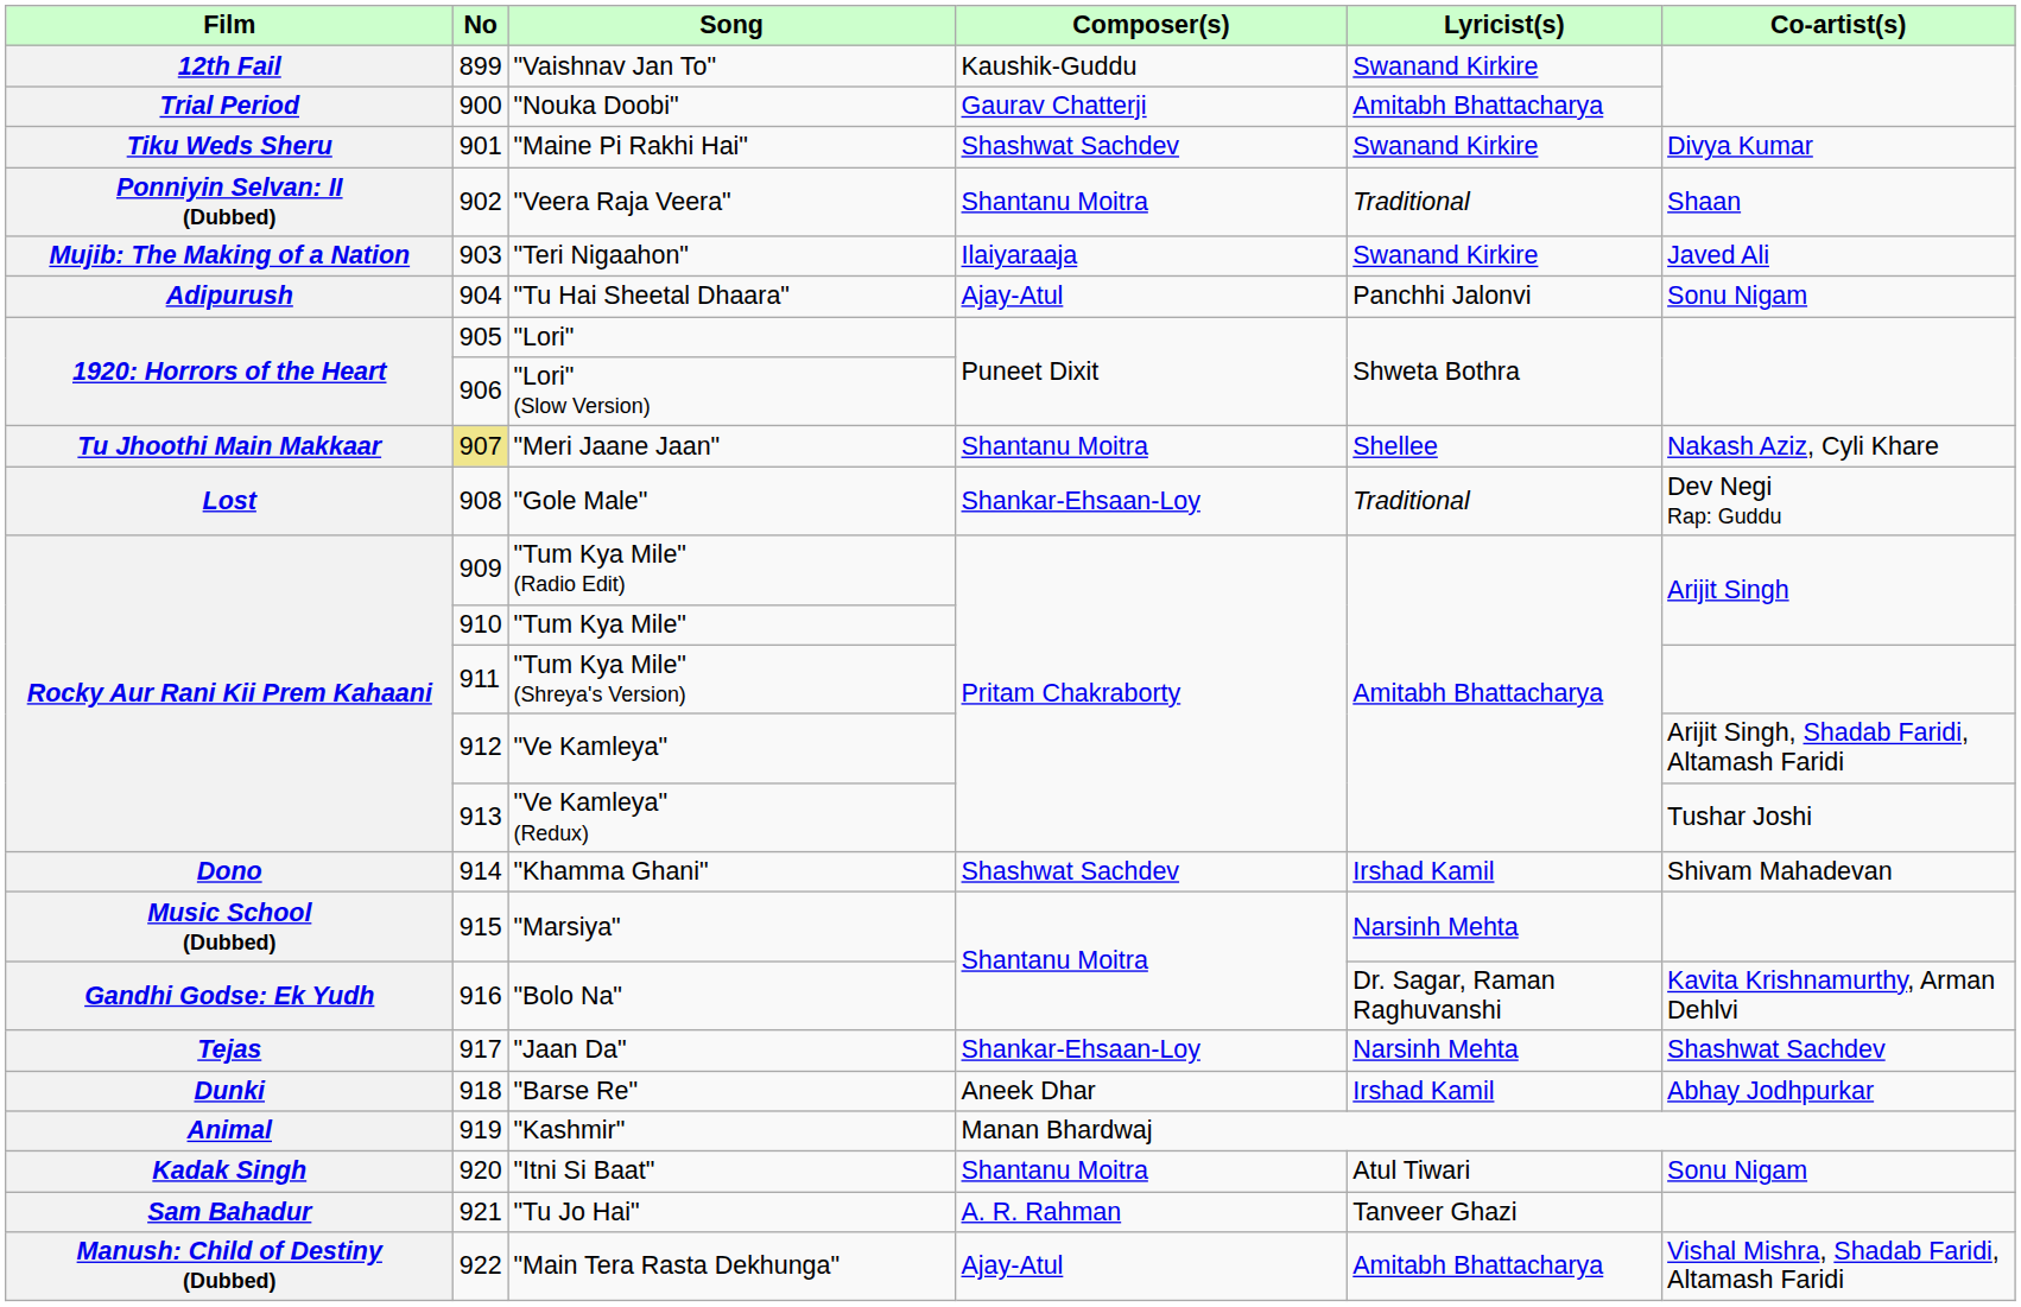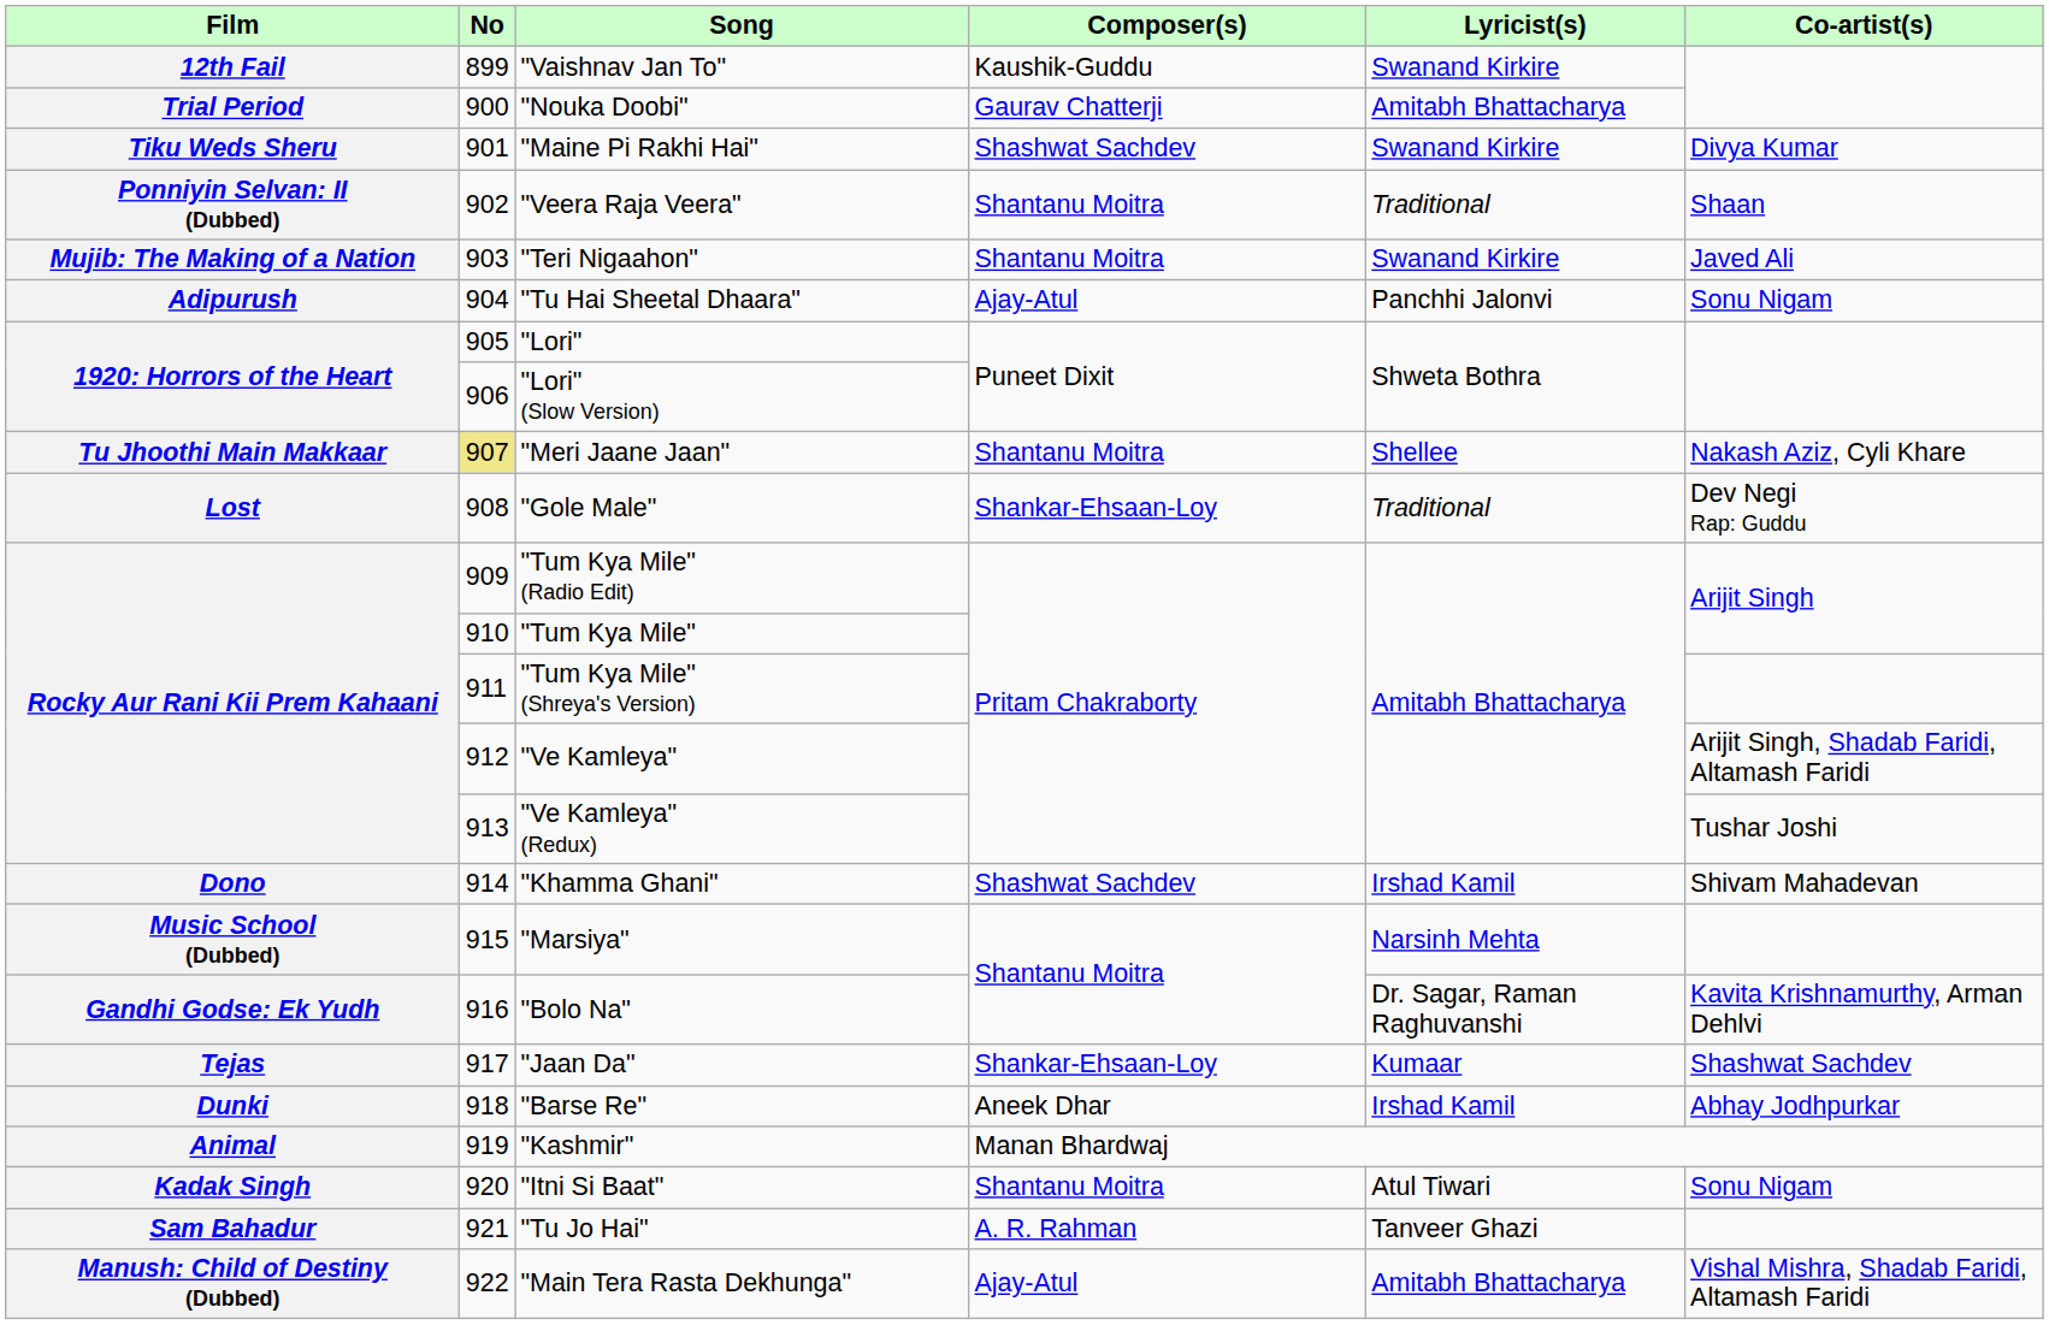 <table class="wikitable plainrowheaders" style="width:100%; textcolor:#000">
 <tr style="background:#cfc; text-align:center;">
 <td scope="col" style="width:23%;"><strong>Film</strong></td>
 <td><strong>No</strong></td>
 <td scope="col" style="width:23%;"><strong>Song</strong></td>
 <td scope="col" style="width:20%;"><strong>Composer(s)</strong></td>
 <td scope="col" style="width:16%;"><strong>Lyricist(s)</strong></td>
 <td scope="col" style="width:18%;"><strong>Co-artist(s)</strong></td>
 </tr>
 <tr>
 <th scope="row"><a href='#'><em>12th Fail</em></a></th>
 <td>899</td>
 <td>"Vaishnav Jan To"</td>
 <td>Kaushik-Guddu</td>
 <td><a href='#'>Swanand Kirkire</a></td>
 <td rowspan=2></td>
 </tr>
 <tr>
 <th scope="row"><em><a href='#'>Trial Period</a></em></th>
 <td>900</td>
 <td>"Nouka Doobi"</td>
 <td><a href='#'>Gaurav Chatterji</a></td>
 <td><a href='#'>Amitabh Bhattacharya</a></td>
 </tr>
 <tr>
 <th scope="row"><em><a href='#'>Tiku Weds Sheru</a></em></th>
 <td>901</td>
 <td>"Maine Pi Rakhi Hai"</td>
 <td><a href='#'>Shashwat Sachdev</a></td>
 <td><a href='#'>Swanand Kirkire</a></td>
 <td><a href='#'>Divya Kumar</a></td>
 </tr>
 <tr>
 <th scope="row"><em><a href='#'>Ponniyin Selvan: II</a></em><br><small>(Dubbed)</small></th>
 <td>902</td>
 <td>"Veera Raja Veera"</td>
 <td><a href='#'>Shantanu Moitra</a></td>
 <td><em>Traditional</em></td>
 <td><a href='#'>Shaan</a></td>
 </tr>
 <tr>
 <th scope="row"><em><a href='#'>Mujib: The Making of a Nation</a></em></th>
 <td>903</td>
 <td>"Teri Nigaahon"</td>
-<td><a href='#'>Ilaiyaraaja</a></td>
+<td><a href='#'>Shantanu Moitra</a></td>
 <td><a href='#'>Swanand Kirkire</a></td>
 <td><a href='#'>Javed Ali</a></td>
 </tr>
 <tr>
 <th scope="row"><em><a href='#'>Adipurush</a></em></th>
 <td>904</td>
 <td>"Tu Hai Sheetal Dhaara"</td>
 <td><a href='#'>Ajay-Atul</a></td>
 <td>Panchhi Jalonvi</td>
 <td><a href='#'>Sonu Nigam</a></td>
 </tr>
 <tr>
 <th scope="row" rowspan="2"><em><a href='#'>1920: Horrors of the Heart</a></em></th>
 <td>905</td>
 <td>"Lori"</td>
 <td rowspan="2">Puneet Dixit</td>
 <td rowspan="2">Shweta Bothra</td>
 <td rowspan="2"></td>
 </tr>
 <tr>
 <td>906</td>
 <td>"Lori"<br><small>(Slow Version)</small></td>
 </tr>
 <tr>
 <th scope="row"><em><a href='#'>Tu Jhoothi Main Makkaar</a></em></th>
 <td style="background: khaki;">907</td>
 <td>"Meri Jaane Jaan"</td>
 <td><a href='#'>Shantanu Moitra</a></td>
 <td><a href='#'>Shellee</a></td>
 <td><a href='#'>Nakash Aziz</a>, Cyli Khare</td>
 </tr>
 <tr>
 <th scope="row"><em><a href='#'>Lost</a></em></th>
 <td>908</td>
 <td>"Gole Male"</td>
 <td><a href='#'>Shankar-Ehsaan-Loy</a></td>
 <td><em>Traditional</em></td>
 <td>Dev Negi<br><small>Rap: Guddu</small></td>
 </tr>
 <tr>
 <th scope="row" rowspan="5"><em><a href='#'>Rocky Aur Rani Kii Prem Kahaani</a></em></th>
 <td>909</td>
 <td>"Tum Kya Mile"<br><small>(Radio Edit)</small></td>
 <td rowspan="5"><a href='#'>Pritam Chakraborty</a></td>
 <td rowspan="5"><a href='#'>Amitabh Bhattacharya</a></td>
 <td rowspan=2><a href='#'>Arijit Singh</a></td>
 </tr>
 <tr>
 <td>910</td>
 <td>"Tum Kya Mile"</td>
 </tr>
 <tr>
 <td>911</td>
 <td>"Tum Kya Mile"<br><small>(Shreya's Version)</small></td>
 <td></td>
 </tr>
 <tr>
 <td>912</td>
 <td>"Ve Kamleya"</td>
 <td>Arijit Singh, <a href='#'>Shadab Faridi</a>, Altamash Faridi</td>
 </tr>
 <tr>
 <td>913</td>
 <td>"Ve Kamleya"<br><small>(Redux)</small></td>
 <td>Tushar Joshi</td>
 </tr>
 <tr>
 <th scope="row"><em><a href='#'>Dono</a></em></th>
 <td>914</td>
 <td>"Khamma Ghani"</td>
 <td><a href='#'>Shashwat Sachdev</a></td>
 <td><a href='#'>Irshad Kamil</a></td>
 <td>Shivam Mahadevan</td>
 </tr>
 <tr>
 <th scope="row"><em><a href='#'>Music School</a></em><br><small>(Dubbed)</small></th>
 <td>915</td>
 <td>"Marsiya"</td>
 <td rowspan="2"><a href='#'>Shantanu Moitra</a></td>
 <td><a href='#'>Narsinh Mehta</a></td>
 <td></td>
 </tr>
 <tr>
 <th scope="row"><em><a href='#'>Gandhi Godse: Ek Yudh</a></em></th>
 <td>916</td>
 <td>"Bolo Na"</td>
 <td>Dr. Sagar, Raman Raghuvanshi</td>
 <td><a href='#'>Kavita Krishnamurthy</a>, Arman Dehlvi</td>
 </tr>
 <tr>
 <th scope="row"><a href='#'><em>Tejas</em></a></th>
 <td>917</td>
 <td>"Jaan Da"</td>
 <td><a href='#'>Shankar-Ehsaan-Loy</a></td>
-<td><a href='#'>Narsinh Mehta</a></td>
+<td><a href='#'>Kumaar</a></td>
 <td><a href='#'>Shashwat Sachdev</a></td>
 </tr>
 <tr>
 <th scope="row"><em><a href='#'>Dunki</a></em></th>
 <td>918</td>
 <td>"Barse Re"</td>
 <td>Aneek Dhar</td>
 <td><a href='#'>Irshad Kamil</a></td>
 <td><a href='#'>Abhay Jodhpurkar</a></td>
 </tr>
 <tr>
 <th scope="row"><em><a href='#'>Animal</a></em></th>
 <td>919</td>
 <td>"Kashmir"</td>
 <td colspan="3">Manan Bhardwaj</td>
 </tr>
 <tr>
 <th scope="row"><em><a href='#'>Kadak Singh</a></em></th>
 <td>920</td>
 <td>"Itni Si Baat"</td>
 <td><a href='#'>Shantanu Moitra</a></td>
 <td>Atul Tiwari</td>
 <td><a href='#'>Sonu Nigam</a></td>
 </tr>
 <tr>
 <th scope="row"><em><a href='#'>Sam Bahadur</a></em></th>
 <td>921</td>
 <td>"Tu Jo Hai"</td>
 <td><a href='#'>A. R. Rahman</a></td>
 <td>Tanveer Ghazi</td>
 <td></td>
 </tr>
 <tr>
 <th scope="row"><em><a href='#'>Manush: Child of Destiny</a></em><br><small>(Dubbed)</small></th>
 <td>922</td>
 <td>"Main Tera Rasta Dekhunga"</td>
 <td><a href='#'>Ajay-Atul</a></td>
 <td><a href='#'>Amitabh Bhattacharya</a></td>
 <td><a href='#'>Vishal Mishra</a>, <a href='#'>Shadab Faridi</a>, Altamash Faridi</td>
 </tr>
 </table>
